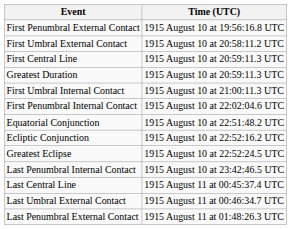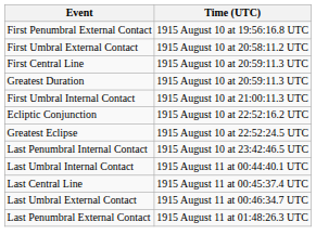 <table class="wikitable">
 <tr>
 <th>Event</th>
 <th>Time (UTC)</th>
 </tr>
 <tr>
 <td>First Penumbral External Contact</td>
 <td>1915 August 10 at 19:56:16.8 UTC</td>
 </tr>
 <tr>
 <td>First Umbral External Contact</td>
 <td>1915 August 10 at 20:58:11.2 UTC</td>
 </tr>
 <tr>
 <td>First Central Line</td>
 <td>1915 August 10 at 20:59:11.3 UTC</td>
 </tr>
 <tr>
 <td>Greatest Duration</td>
 <td>1915 August 10 at 20:59:11.3 UTC</td>
 </tr>
 <tr>
 <td>First Umbral Internal Contact</td>
 <td>1915 August 10 at 21:00:11.3 UTC</td>
 </tr>
 <tr>
-<td>First Penumbral Internal Contact</td>
-<td>1915 August 10 at 22:02:04.6 UTC</td>
-</tr>
-<tr>
-<td>Equatorial Conjunction</td>
-<td>1915 August 10 at 22:51:48.2 UTC</td>
-</tr>
-<tr>
 <td>Ecliptic Conjunction</td>
 <td>1915 August 10 at 22:52:16.2 UTC</td>
 </tr>
 <tr>
 <td>Greatest Eclipse</td>
 <td>1915 August 10 at 22:52:24.5 UTC</td>
 </tr>
 <tr>
 <td>Last Penumbral Internal Contact</td>
 <td>1915 August 10 at 23:42:46.5 UTC</td>
+</tr>
+<tr>
+<td>Last Umbral Internal Contact</td>
+<td>1915 August 11 at 00:44:40.1 UTC</td>
 </tr>
 <tr>
 <td>Last Central Line</td>
 <td>1915 August 11 at 00:45:37.4 UTC</td>
 </tr>
 <tr>
 <td>Last Umbral External Contact</td>
 <td>1915 August 11 at 00:46:34.7 UTC</td>
 </tr>
 <tr>
 <td>Last Penumbral External Contact</td>
 <td>1915 August 11 at 01:48:26.3 UTC</td>
 </tr>
 </table>
